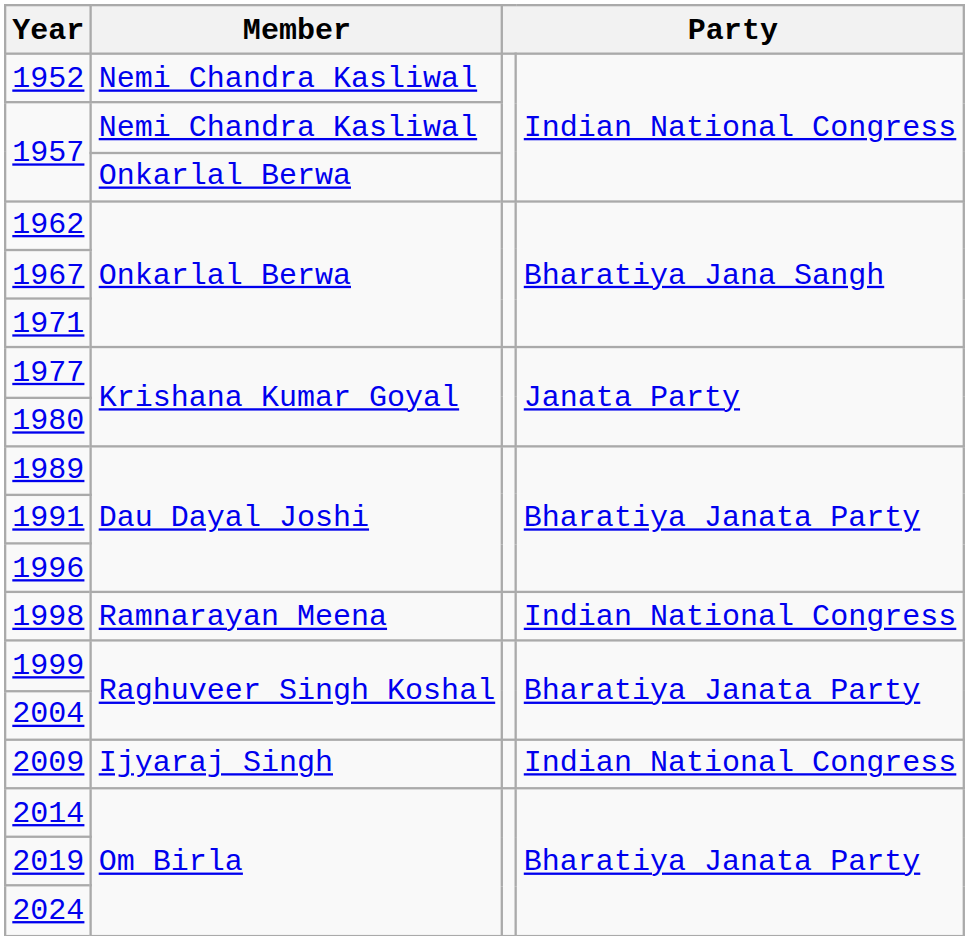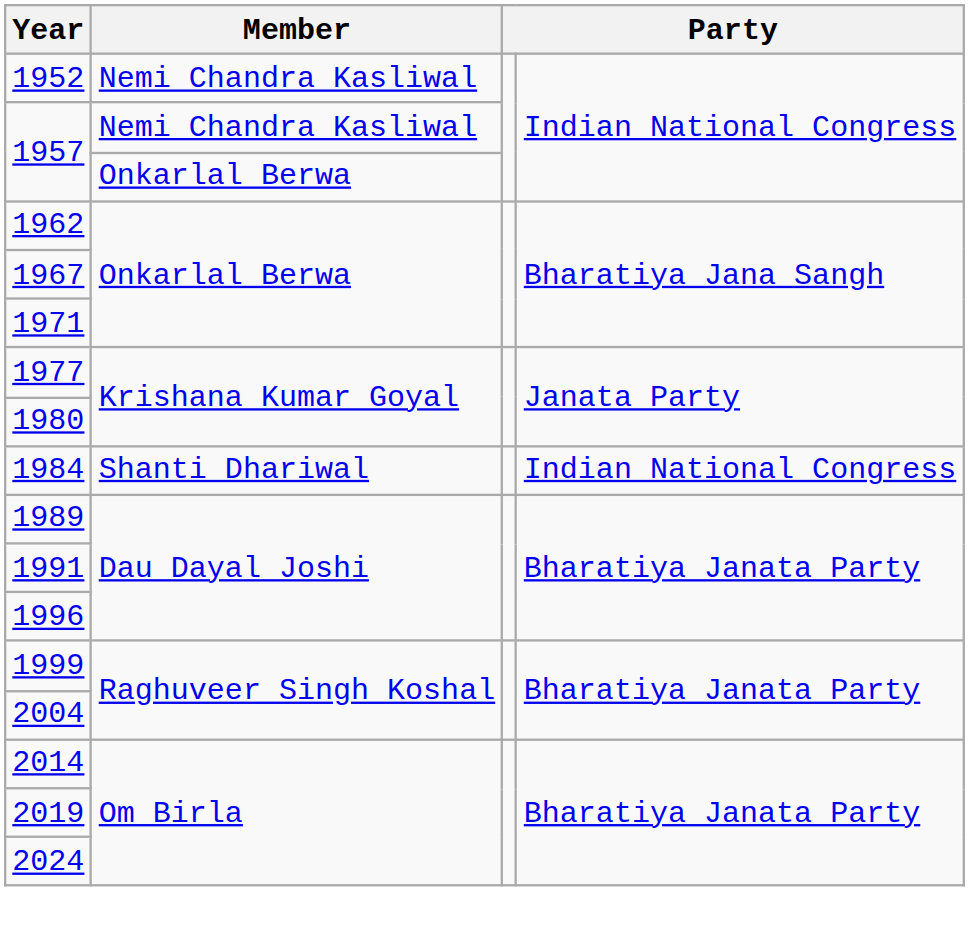 <table class="wikitable">
 <tr>
 <th>Year</th>
 <th>Member</th>
 <th colspan="2">Party</th>
 </tr>
 <tr>
 <td><a href='#'>1952</a></td>
 <td><a href='#'>Nemi Chandra Kasliwal</a></td>
 <td rowspan="3" style="background-color: "></td>
 <td rowspan="3"><a href='#'>Indian National Congress</a></td>
 </tr>
 <tr>
 <td rowspan="2"><a href='#'>1957</a></td>
 <td><a href='#'>Nemi Chandra Kasliwal</a></td>
 </tr>
 <tr>
 <td><a href='#'>Onkarlal Berwa</a></td>
 </tr>
 <tr>
 <td><a href='#'>1962</a></td>
 <td rowspan="3"><a href='#'>Onkarlal Berwa</a></td>
 <td rowspan="3" style="background-color: "></td>
 <td rowspan="3"><a href='#'>Bharatiya Jana Sangh</a></td>
 </tr>
 <tr>
 <td><a href='#'>1967</a></td>
 </tr>
 <tr>
 <td><a href='#'>1971</a></td>
 </tr>
 <tr>
 <td><a href='#'>1977</a></td>
 <td rowspan="2"><a href='#'>Krishana Kumar Goyal</a></td>
 <td rowspan="2" style="background-color: "></td>
 <td rowspan="2"><a href='#'>Janata Party</a></td>
 </tr>
 <tr>
 <td><a href='#'>1980</a></td>
 </tr>
 <tr>
+<td><a href='#'>1984</a></td>
+<td><a href='#'>Shanti Dhariwal</a></td>
+<td style="background-color: "></td>
+<td><a href='#'>Indian National Congress</a></td>
+</tr>
+<tr>
 <td><a href='#'>1989</a></td>
 <td rowspan="3"><a href='#'>Dau Dayal Joshi</a></td>
 <td rowspan="3" style="background-color: "></td>
 <td rowspan="3"><a href='#'>Bharatiya Janata Party</a></td>
 </tr>
 <tr>
 <td><a href='#'>1991</a></td>
 </tr>
 <tr>
 <td><a href='#'>1996</a></td>
 </tr>
 <tr>
-<td><a href='#'>1998</a></td>
-<td><a href='#'>Ramnarayan Meena</a></td>
-<td style="background-color: "></td>
-<td><a href='#'>Indian National Congress</a></td>
-</tr>
-<tr>
 <td><a href='#'>1999</a></td>
 <td rowspan="2"><a href='#'>Raghuveer Singh Koshal</a></td>
 <td rowspan="2" style="background-color: "></td>
 <td rowspan="2"><a href='#'>Bharatiya Janata Party</a></td>
 </tr>
 <tr>
 <td><a href='#'>2004</a></td>
-</tr>
-<tr>
-<td><a href='#'>2009</a></td>
-<td><a href='#'>Ijyaraj Singh</a></td>
-<td style="background-color: "></td>
-<td><a href='#'>Indian National Congress</a></td>
 </tr>
 <tr>
 <td><a href='#'>2014</a></td>
 <td rowspan="3"><a href='#'>Om Birla</a></td>
 <td rowspan="3" style="background-color: "></td>
 <td rowspan="3"><a href='#'>Bharatiya Janata Party</a></td>
 </tr>
 <tr>
 <td><a href='#'>2019</a></td>
 </tr>
 <tr>
 <td><a href='#'>2024</a></td>
 </tr>
 </table>
